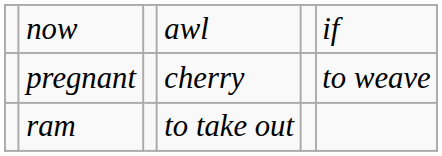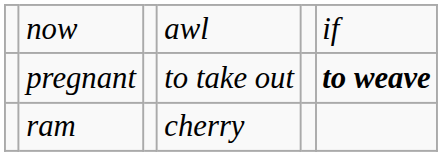 <table class=wikitable>
 <tr>
 <td></td>
 <td><em>now</em></td>
 <td></td>
 <td><em>awl</em></td>
 <td></td>
 <td><em>if</em></td>
 </tr>
 <tr>
 <td></td>
 <td><em>pregnant</em></td>
 <td></td>
-<td><em>cherry</em></td>
+<td><em>to take out</em></td>
 <td></td>
-<td><em>to weave</em></td>
+<td><strong><em>to weave</em></strong></td>
 </tr>
 <tr>
 <td></td>
 <td><em>ram</em></td>
 <td></td>
-<td><em>to take out</em></td>
+<td><em>cherry</em></td>
 <td></td>
 <td></td>
 </tr>
 </table>
